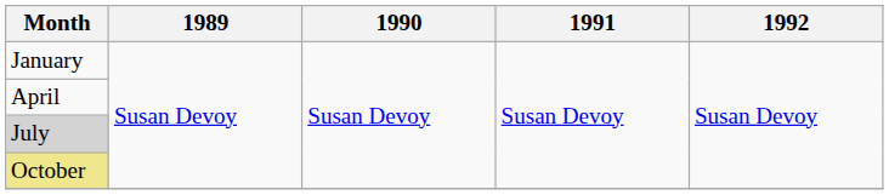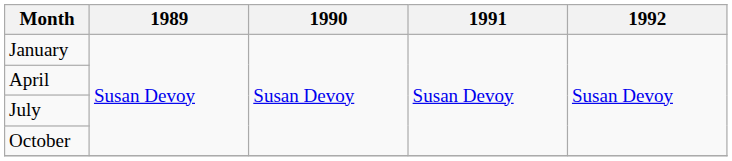 <table class=wikitable>
 <tr>
 <th width="75">Month</th>
 <th width="200px">1989</th>
 <th width="200px">1990</th>
 <th width="200px">1991</th>
 <th width="200px">1992</th>
 </tr>
 <tr>
 <td>January</td>
 <td align=left rowspan=4> <a href='#'>Susan Devoy</a></td>
 <td align=left rowspan=4> <a href='#'>Susan Devoy</a></td>
 <td align=left rowspan=4> <a href='#'>Susan Devoy</a></td>
 <td align=left rowspan=4> <a href='#'>Susan Devoy</a></td>
 </tr>
 <tr>
 <td>April</td>
 </tr>
 <tr>
-<td style="background: lightgrey;">July</td>
+<td>July</td>
 </tr>
 <tr>
-<td style="background: khaki;">October</td>
+<td>October</td>
 </tr>
 <tr>
 </tr>
 </table>
